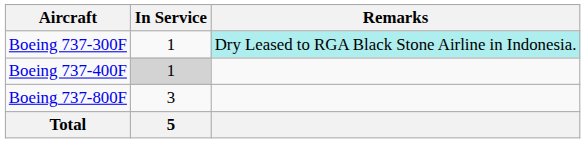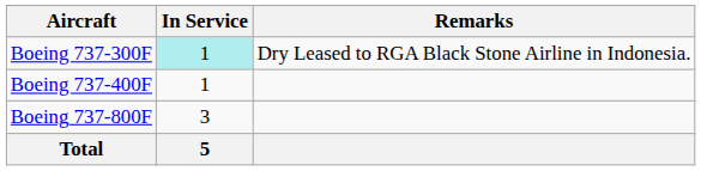 <table class="wikitable" style="margin:0.5em auto; text-align:center">
 <tr>
 <th>Aircraft</th>
 <th>In Service</th>
 <th>Remarks</th>
 </tr>
 <tr>
 <td><a href='#'>Boeing 737-300F</a></td>
-<td>1</td>
-<td style="background: paleturquoise;">Dry Leased to RGA Black Stone Airline in Indonesia.</td>
+<td style="background: paleturquoise;">1</td>
+<td>Dry Leased to RGA Black Stone Airline in Indonesia.</td>
 </tr>
 <tr>
 <td><a href='#'>Boeing 737-400F</a></td>
-<td style="background: lightgrey;">1</td>
+<td>1</td>
 <td></td>
 </tr>
 <tr>
 <td><a href='#'>Boeing 737-800F</a></td>
 <td>3</td>
 <td></td>
 </tr>
 <tr>
 <th>Total</th>
 <th>5</th>
 <th colspan="4"></th>
 </tr>
 </table>
